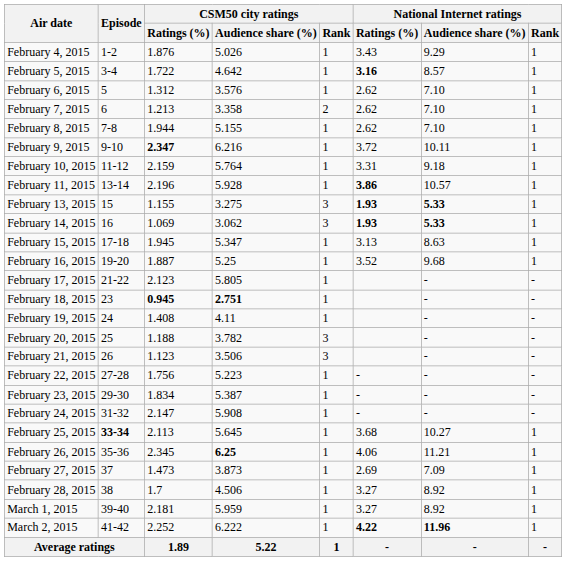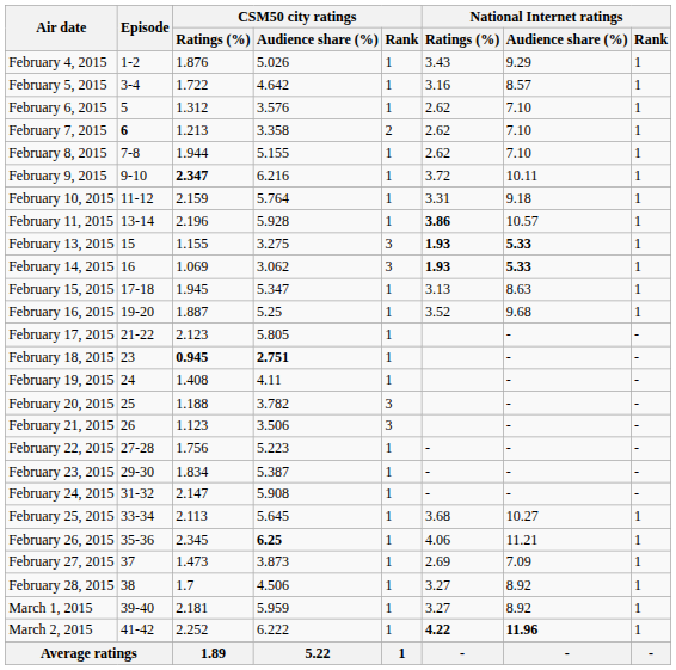 <table class="wikitable">
 <tr>
 <th rowspan="2">Air date</th>
 <th rowspan="2">Episode</th>
 <th colspan="3">CSM50 city ratings</th>
 <th colspan="3">National Internet ratings</th>
 </tr>
 <tr>
 <th>Ratings (%)</th>
 <th>Audience share (%)</th>
 <th>Rank</th>
 <th>Ratings (%)</th>
 <th>Audience share (%)</th>
 <th>Rank</th>
 </tr>
 <tr>
 <td>February 4, 2015</td>
 <td>1-2</td>
 <td>1.876</td>
 <td>5.026</td>
 <td>1</td>
 <td>3.43</td>
 <td>9.29</td>
 <td>1</td>
 </tr>
 <tr>
 <td>February 5, 2015</td>
 <td>3-4</td>
 <td>1.722</td>
 <td>4.642</td>
 <td>1</td>
-<td><strong>3.16</strong></td>
+<td>3.16</td>
 <td>8.57</td>
 <td>1</td>
 </tr>
 <tr>
 <td>February 6, 2015</td>
 <td>5</td>
 <td>1.312</td>
 <td>3.576</td>
 <td>1</td>
 <td>2.62</td>
 <td>7.10</td>
 <td>1</td>
 </tr>
 <tr>
 <td>February 7, 2015</td>
-<td>6</td>
+<td><strong>6</strong></td>
 <td>1.213</td>
 <td>3.358</td>
 <td>2</td>
 <td>2.62</td>
 <td>7.10</td>
 <td>1</td>
 </tr>
 <tr>
 <td>February 8, 2015</td>
 <td>7-8</td>
 <td>1.944</td>
 <td>5.155</td>
 <td>1</td>
 <td>2.62</td>
 <td>7.10</td>
 <td>1</td>
 </tr>
 <tr>
 <td>February 9, 2015</td>
 <td>9-10</td>
 <td><strong><span>2.347</span></strong></td>
 <td>6.216</td>
 <td>1</td>
 <td>3.72</td>
 <td>10.11</td>
 <td>1</td>
 </tr>
 <tr>
 <td>February 10, 2015</td>
 <td>11-12</td>
 <td>2.159</td>
 <td>5.764</td>
 <td>1</td>
 <td>3.31</td>
 <td>9.18</td>
 <td>1</td>
 </tr>
 <tr>
 <td>February 11, 2015</td>
 <td>13-14</td>
 <td>2.196</td>
 <td>5.928</td>
 <td>1</td>
 <td><strong>3.86</strong></td>
 <td>10.57</td>
 <td>1</td>
 </tr>
 <tr>
 <td>February 13, 2015</td>
 <td>15</td>
 <td>1.155</td>
 <td>3.275</td>
 <td>3</td>
 <td><strong><span>1.93</span></strong></td>
 <td><strong><span>5.33</span></strong></td>
 <td>1</td>
 </tr>
 <tr>
 <td>February 14, 2015</td>
 <td>16</td>
 <td>1.069</td>
 <td>3.062</td>
 <td>3</td>
 <td><strong><span>1.93</span></strong></td>
 <td><strong><span>5.33</span></strong></td>
 <td>1</td>
 </tr>
 <tr>
 <td>February 15, 2015</td>
 <td>17-18</td>
 <td>1.945</td>
 <td>5.347</td>
 <td>1</td>
 <td>3.13</td>
 <td>8.63</td>
 <td>1</td>
 </tr>
 <tr>
 <td>February 16, 2015</td>
 <td>19-20</td>
 <td>1.887</td>
 <td>5.25</td>
 <td>1</td>
 <td>3.52</td>
 <td>9.68</td>
 <td>1</td>
 </tr>
 <tr>
 <td>February 17, 2015</td>
 <td>21-22</td>
 <td>2.123</td>
 <td>5.805</td>
 <td>1</td>
 <td></td>
 <td>-</td>
 <td>-</td>
 </tr>
 <tr>
 <td>February 18, 2015</td>
 <td>23</td>
 <td><strong><span>0.945</span></strong></td>
 <td><strong><span>2.751</span></strong></td>
 <td>1</td>
 <td></td>
 <td>-</td>
 <td>-</td>
 </tr>
 <tr>
 <td>February 19, 2015</td>
 <td>24</td>
 <td>1.408</td>
 <td>4.11</td>
 <td>1</td>
 <td></td>
 <td>-</td>
 <td>-</td>
 </tr>
 <tr>
 <td>February 20, 2015</td>
 <td>25</td>
 <td>1.188</td>
 <td>3.782</td>
 <td>3</td>
 <td></td>
 <td>-</td>
 <td>-</td>
 </tr>
 <tr>
 <td>February 21, 2015</td>
 <td>26</td>
 <td>1.123</td>
 <td>3.506</td>
 <td>3</td>
 <td></td>
 <td>-</td>
 <td>-</td>
 </tr>
 <tr>
 <td>February 22, 2015</td>
 <td>27-28</td>
 <td>1.756</td>
 <td>5.223</td>
 <td>1</td>
 <td>-</td>
 <td>-</td>
 <td>-</td>
 </tr>
 <tr>
 <td>February 23, 2015</td>
 <td>29-30</td>
 <td>1.834</td>
 <td>5.387</td>
 <td>1</td>
 <td>-</td>
 <td>-</td>
 <td>-</td>
 </tr>
 <tr>
 <td>February 24, 2015</td>
 <td>31-32</td>
 <td>2.147</td>
 <td>5.908</td>
 <td>1</td>
 <td>-</td>
 <td>-</td>
 <td>-</td>
 </tr>
 <tr>
 <td>February 25, 2015</td>
-<td><strong>33-34</strong></td>
+<td>33-34</td>
 <td>2.113</td>
 <td>5.645</td>
 <td>1</td>
 <td>3.68</td>
 <td>10.27</td>
 <td>1</td>
 </tr>
 <tr>
 <td>February 26, 2015</td>
 <td>35-36</td>
 <td>2.345</td>
 <td><strong><span>6.25</span></strong></td>
 <td>1</td>
 <td>4.06</td>
 <td>11.21</td>
 <td>1</td>
 </tr>
 <tr>
 <td>February 27, 2015</td>
 <td>37</td>
 <td>1.473</td>
 <td>3.873</td>
 <td>1</td>
 <td>2.69</td>
 <td>7.09</td>
 <td>1</td>
 </tr>
 <tr>
 <td>February 28, 2015</td>
 <td>38</td>
 <td>1.7</td>
 <td>4.506</td>
 <td>1</td>
 <td>3.27</td>
 <td>8.92</td>
 <td>1</td>
 </tr>
 <tr>
 <td>March 1, 2015</td>
 <td>39-40</td>
 <td>2.181</td>
 <td>5.959</td>
 <td>1</td>
 <td>3.27</td>
 <td>8.92</td>
 <td>1</td>
 </tr>
 <tr>
 <td>March 2, 2015</td>
 <td>41-42</td>
 <td>2.252</td>
 <td>6.222</td>
 <td>1</td>
 <td><strong><span>4.22</span></strong></td>
 <td><strong><span>11.96</span></strong></td>
 <td>1</td>
 </tr>
 <tr>
 <th colspan="2" rowspan="1">Average ratings</th>
 <th colspan="1" rowspan="1">1.89</th>
 <th colspan="1" rowspan="1">5.22</th>
 <th colspan="1" rowspan="1">1</th>
 <th colspan="1" rowspan="1">-</th>
 <th colspan="1" rowspan="1">-</th>
 <th>-</th>
 </tr>
 </table>
